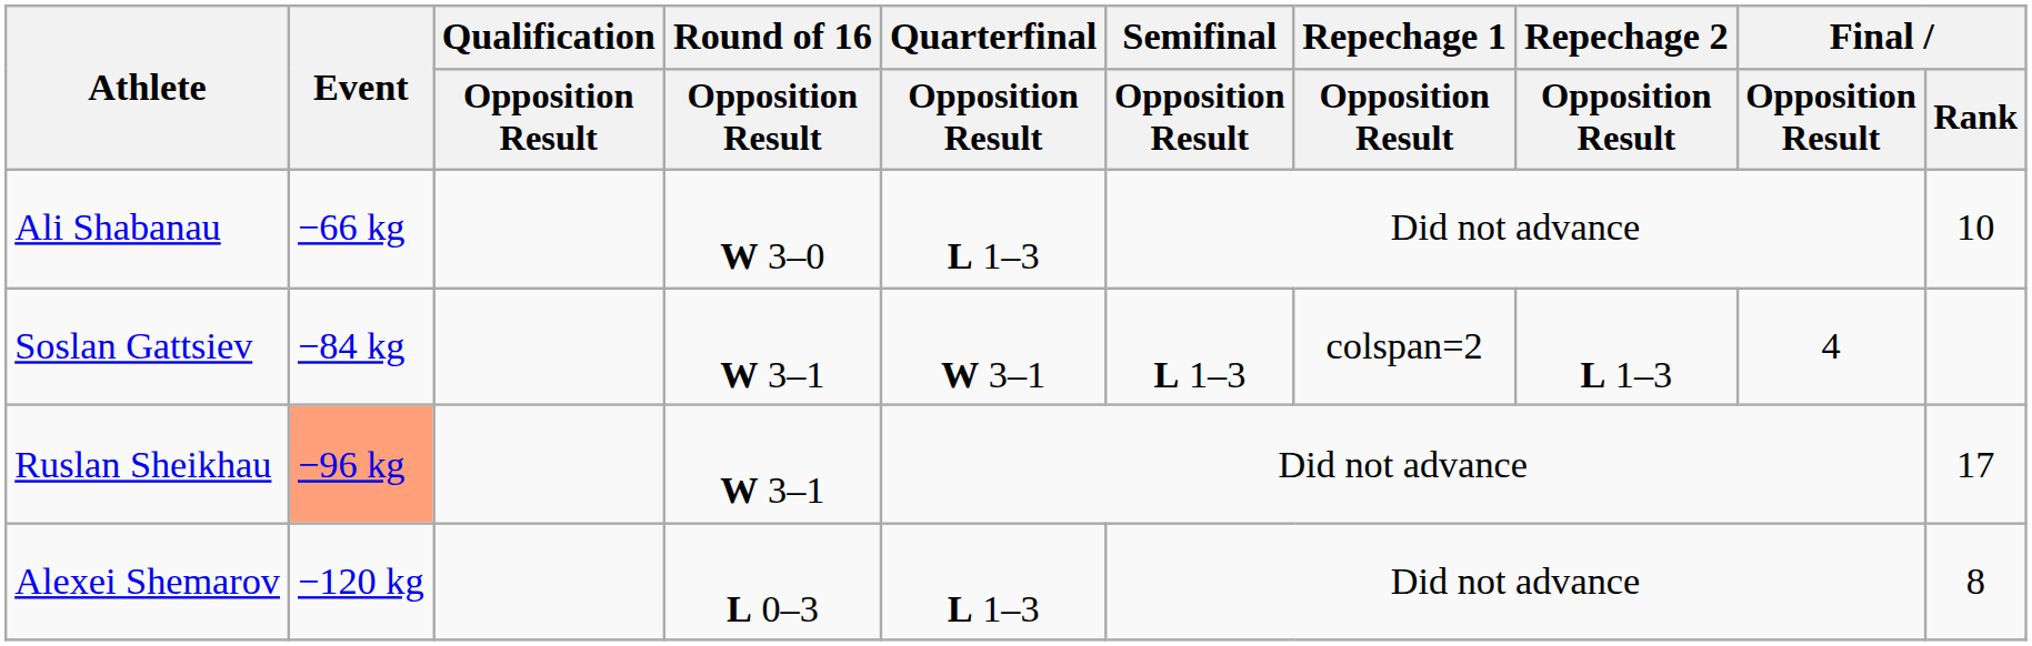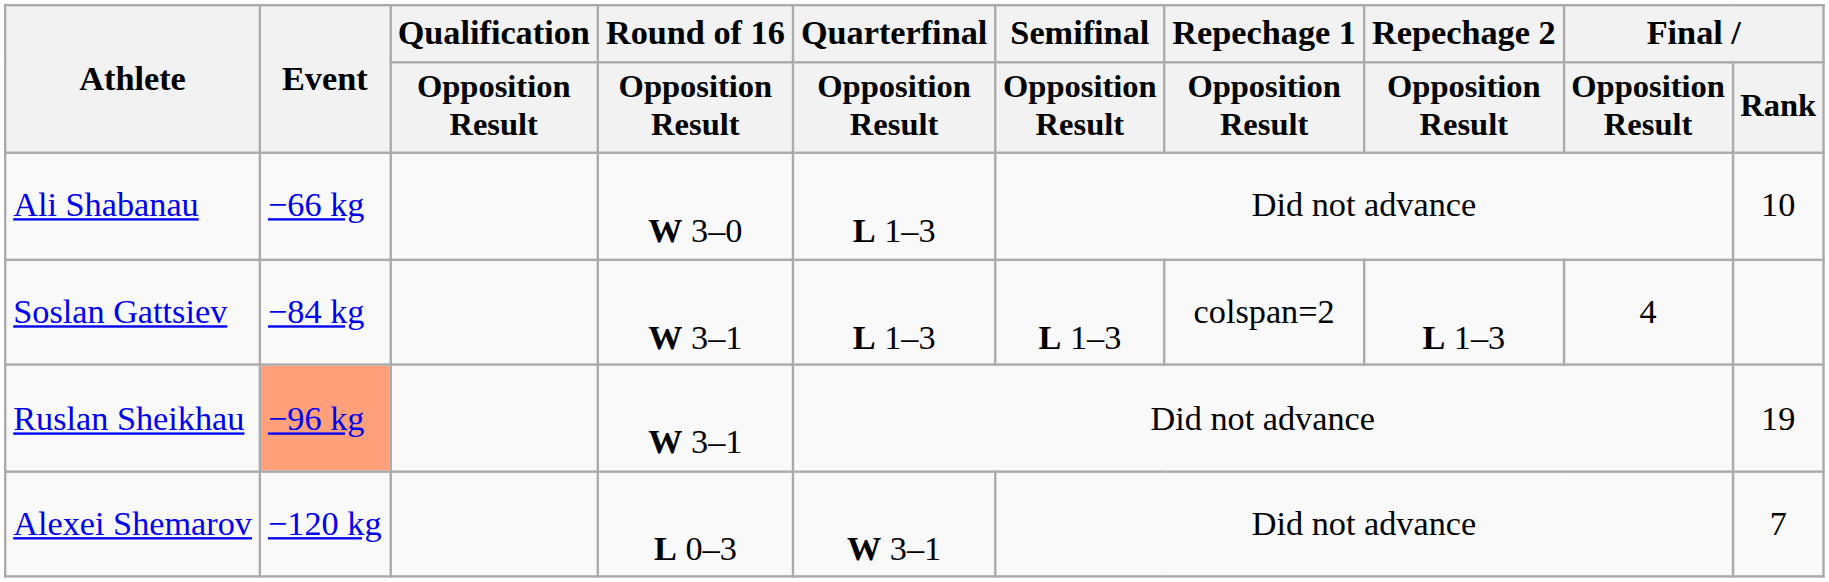 <table class="wikitable" style="font-size:90%">
 <tr>
 <th rowspan="2">Athlete</th>
 <th rowspan="2">Event</th>
 <th>Qualification</th>
 <th>Round of 16</th>
 <th>Quarterfinal</th>
 <th>Semifinal</th>
 <th>Repechage 1</th>
 <th>Repechage 2</th>
 <th colspan=2>Final / </th>
 </tr>
 <tr style="font-size: 95%">
 <th>Opposition<br>Result</th>
 <th>Opposition<br>Result</th>
 <th>Opposition<br>Result</th>
 <th>Opposition<br>Result</th>
 <th>Opposition<br>Result</th>
 <th>Opposition<br>Result</th>
 <th>Opposition<br>Result</th>
 <th>Rank</th>
 </tr>
 <tr align=center>
 <td align=left><a href='#'>Ali Shabanau</a></td>
 <td align=left><a href='#'>−66 kg</a></td>
 <td></td>
 <td><br><strong>W</strong> 3–0 <sup></sup></td>
 <td><br><strong>L</strong> 1–3 <sup></sup></td>
 <td colspan=4>Did not advance</td>
 <td>10</td>
 </tr>
 <tr align=center>
 <td align=left><a href='#'>Soslan Gattsiev</a></td>
 <td align=left><a href='#'>−84 kg</a></td>
 <td></td>
 <td><br><strong>W</strong> 3–1 <sup></sup></td>
-<td><br><strong>W</strong> 3–1 <sup></sup></td>
+<td><br><strong>L</strong> 1–3 <sup></sup></td>
 <td><br><strong>L</strong> 1–3 <sup></sup></td>
 <td>colspan=2 </td>
 <td><br><strong>L</strong> 1–3 <sup></sup></td>
 <td>4</td>
 </tr>
 <tr align=center>
 <td align=left><a href='#'>Ruslan Sheikhau</a></td>
 <td align=left style="background: lightsalmon;"><a href='#'>−96 kg</a></td>
 <td></td>
 <td><br><strong>W</strong> 3–1 <sup></sup></td>
 <td colspan=5>Did not advance</td>
-<td>17</td>
+<td>19</td>
 </tr>
 <tr align=center>
 <td align=left><a href='#'>Alexei Shemarov</a></td>
 <td align=left><a href='#'>−120 kg</a></td>
 <td></td>
 <td><br><strong>L</strong> 0–3 <sup></sup></td>
-<td><br><strong>L</strong> 1–3 <sup></sup></td>
+<td><br><strong>W</strong> 3–1 <sup></sup></td>
 <td colspan=4>Did not advance</td>
-<td>8</td>
+<td>7</td>
 </tr>
 </table>
